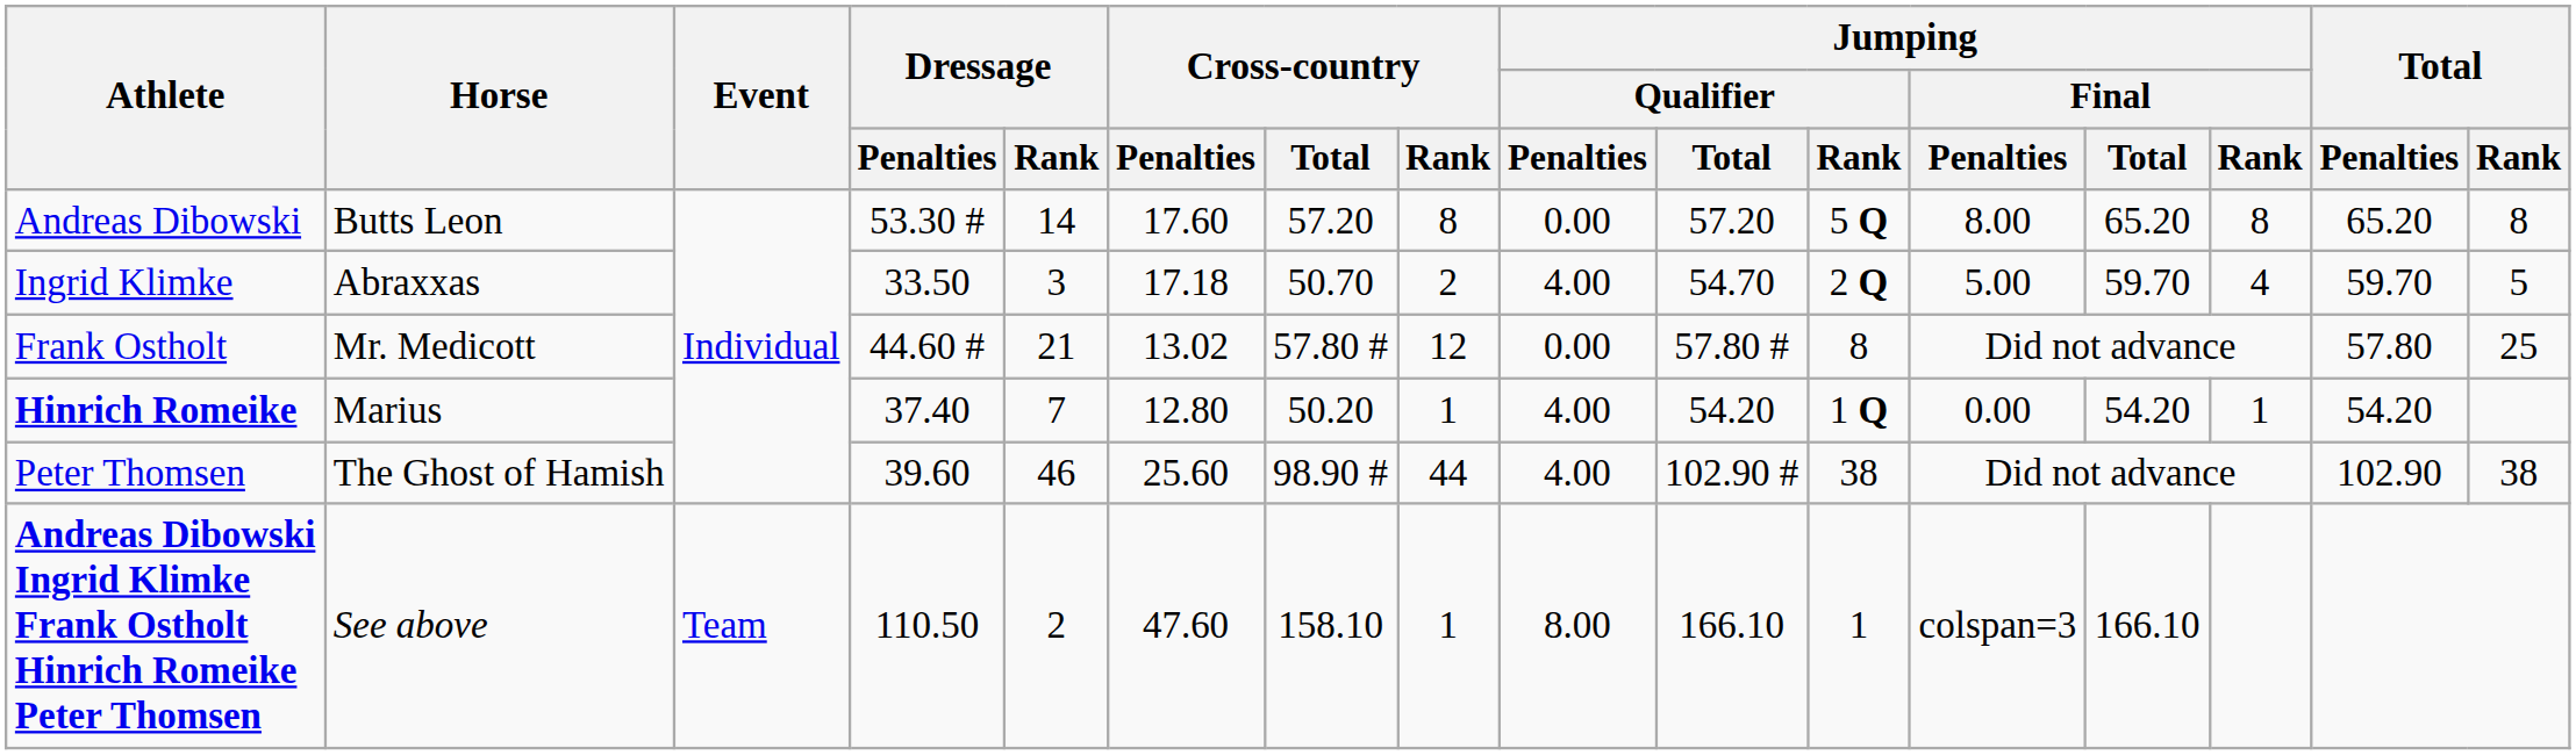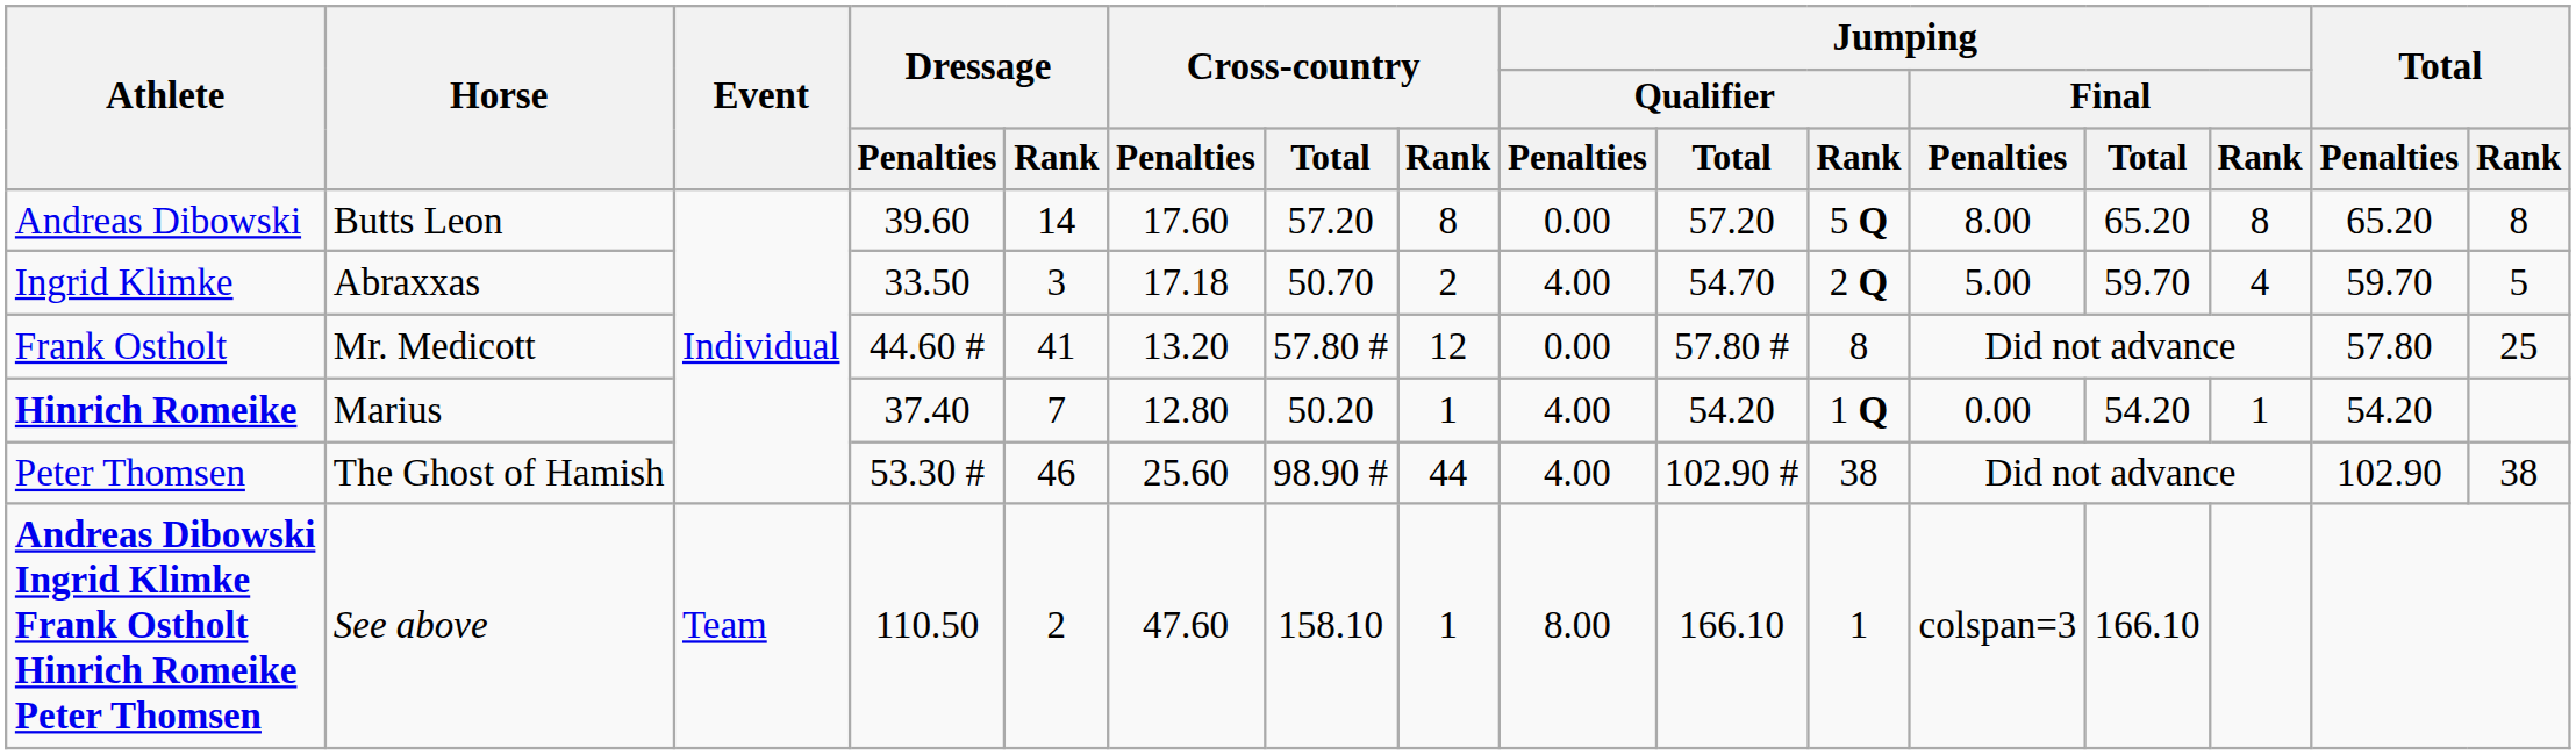 <table class=wikitable style="font-size:90%">
 <tr>
 <th rowspan="3">Athlete</th>
 <th rowspan="3">Horse</th>
 <th rowspan="3">Event</th>
 <th colspan="2" rowspan="2">Dressage</th>
 <th colspan="3" rowspan="2">Cross-country</th>
 <th colspan="6">Jumping</th>
 <th colspan="2" rowspan="2">Total</th>
 </tr>
 <tr style="font-size:95%">
 <th colspan="3">Qualifier</th>
 <th colspan="3">Final</th>
 </tr>
 <tr style="font-size:95%">
 <th>Penalties</th>
 <th>Rank</th>
 <th>Penalties</th>
 <th>Total</th>
 <th>Rank</th>
 <th>Penalties</th>
 <th>Total</th>
 <th>Rank</th>
 <th>Penalties</th>
 <th>Total</th>
 <th>Rank</th>
 <th>Penalties</th>
 <th>Rank</th>
 </tr>
 <tr align=center>
 <td align=left><a href='#'>Andreas Dibowski</a></td>
 <td align=left>Butts Leon</td>
 <td align=left rowspan=5><a href='#'>Individual</a></td>
-<td>53.30 #</td>
+<td>39.60</td>
 <td>14</td>
 <td>17.60</td>
 <td>57.20</td>
 <td>8</td>
 <td>0.00</td>
 <td>57.20</td>
 <td>5 <strong>Q</strong></td>
 <td>8.00</td>
 <td>65.20</td>
 <td>8</td>
 <td>65.20</td>
 <td>8</td>
 </tr>
 <tr align=center>
 <td align=left><a href='#'>Ingrid Klimke</a></td>
 <td align=left>Abraxxas</td>
 <td>33.50</td>
 <td>3</td>
 <td>17.18</td>
 <td>50.70</td>
 <td>2</td>
 <td>4.00</td>
 <td>54.70</td>
 <td>2 <strong>Q</strong></td>
 <td>5.00</td>
 <td>59.70</td>
 <td>4</td>
 <td>59.70</td>
 <td>5</td>
 </tr>
 <tr align=center>
 <td align=left><a href='#'>Frank Ostholt</a></td>
 <td align=left>Mr. Medicott</td>
 <td>44.60 #</td>
-<td>21</td>
-<td>13.02</td>
+<td>41</td>
+<td>13.20</td>
 <td>57.80 #</td>
 <td>12</td>
 <td>0.00</td>
 <td>57.80 #</td>
 <td>8</td>
 <td colspan=3>Did not advance</td>
 <td>57.80</td>
 <td>25</td>
 </tr>
 <tr align=center>
 <td align=left><strong><a href='#'>Hinrich Romeike</a></strong></td>
 <td align=left>Marius</td>
 <td>37.40</td>
 <td>7</td>
 <td>12.80</td>
 <td>50.20</td>
 <td>1</td>
 <td>4.00</td>
 <td>54.20</td>
 <td>1 <strong>Q</strong></td>
 <td>0.00</td>
 <td>54.20</td>
 <td>1</td>
 <td>54.20</td>
 <td></td>
 </tr>
 <tr align=center>
 <td align=left><a href='#'>Peter Thomsen</a></td>
 <td align=left>The Ghost of Hamish</td>
-<td>39.60</td>
+<td>53.30 #</td>
 <td>46</td>
 <td>25.60</td>
 <td>98.90 #</td>
 <td>44</td>
 <td>4.00</td>
 <td>102.90 #</td>
 <td>38</td>
 <td colspan=3>Did not advance</td>
 <td>102.90</td>
 <td>38</td>
 </tr>
 <tr align=center>
 <td align=left><strong><a href='#'>Andreas Dibowski</a><br><a href='#'>Ingrid Klimke</a><br><a href='#'>Frank Ostholt</a><br><a href='#'>Hinrich Romeike</a><br><a href='#'>Peter Thomsen</a></strong></td>
 <td align=left><em>See above</em></td>
 <td align=left><a href='#'>Team</a></td>
 <td>110.50</td>
 <td>2</td>
 <td>47.60</td>
 <td>158.10</td>
 <td>1</td>
 <td>8.00</td>
 <td>166.10</td>
 <td>1</td>
 <td>colspan=3 </td>
 <td>166.10</td>
 <td></td>
 </tr>
 </table>
